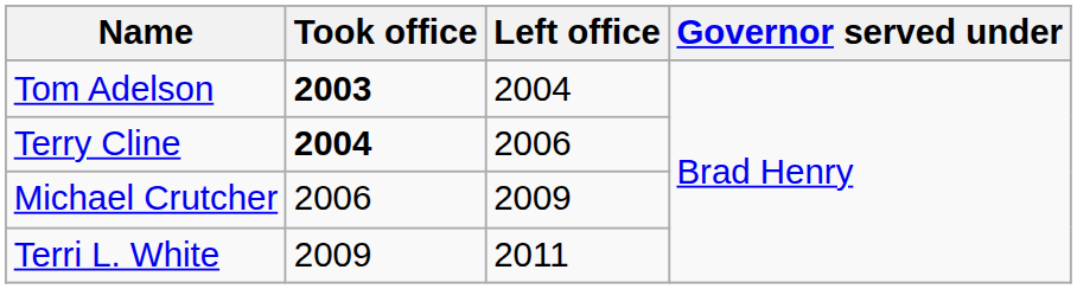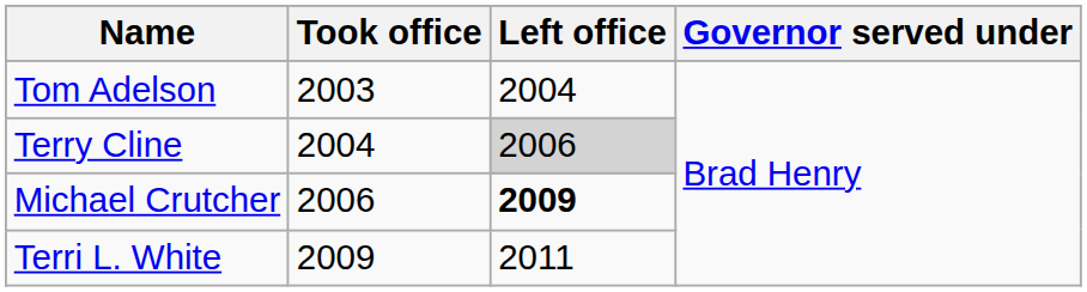 <table class="wikitable">
 <tr>
 <th>Name</th>
 <th>Took office</th>
 <th>Left office</th>
 <th><a href='#'>Governor</a> served under</th>
 </tr>
 <tr>
 <td><a href='#'>Tom Adelson</a></td>
-<td><strong>2003</strong></td>
+<td>2003</td>
 <td>2004</td>
 <td rowspan=4 ><a href='#'>Brad Henry</a></td>
 </tr>
 <tr>
 <td><a href='#'>Terry Cline</a></td>
-<td><strong>2004</strong></td>
-<td>2006</td>
+<td>2004</td>
+<td style="background: lightgrey;">2006</td>
 </tr>
 <tr>
 <td><a href='#'>Michael Crutcher</a></td>
 <td>2006</td>
-<td>2009</td>
+<td><strong>2009</strong></td>
 </tr>
 <tr>
 <td><a href='#'>Terri L. White</a></td>
 <td>2009</td>
 <td>2011</td>
 </tr>
 </table>
